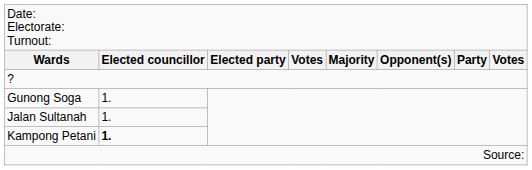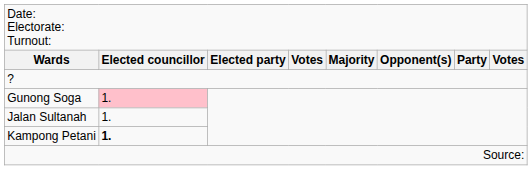 <table class=wikitable>
 <tr>
 <td colspan=8>Date: <br>Electorate: <br>Turnout:</td>
 </tr>
 <tr>
 <th>Wards</th>
 <th>Elected councillor</th>
 <th>Elected party</th>
 <th>Votes</th>
 <th>Majority</th>
 <th>Opponent(s)</th>
 <th>Party</th>
 <th>Votes</th>
 </tr>
 <tr>
 <td colspan=8>?</td>
 </tr>
 <tr>
 <td>Gunong Soga</td>
-<td>1.</td>
+<td style="background: pink;">1.</td>
 </tr>
 <tr>
 <td>Jalan Sultanah</td>
 <td>1.</td>
 </tr>
 <tr>
 <td>Kampong Petani</td>
 <td><strong>1.</strong></td>
 </tr>
 <tr>
 <td colspan=8 align=right>Source:</td>
 </tr>
 </table>
